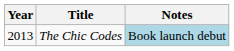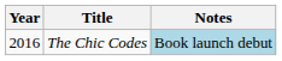 <table class="wikitable">
 <tr style="text-align:center;">
 <th>Year</th>
 <th>Title</th>
 <th>Notes</th>
 </tr>
 <tr>
-<td rowspan=1 style="text align:center;">2013</td>
+<td rowspan=1 style="text align:center;">2016</td>
 <td><em>The Chic Codes</em></td>
 <td style="background: lightblue;">Book launch debut</td>
 </tr>
 </table>
